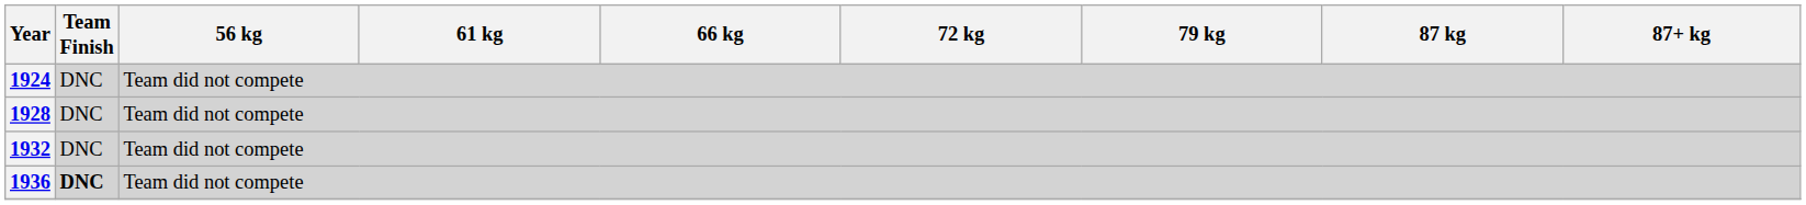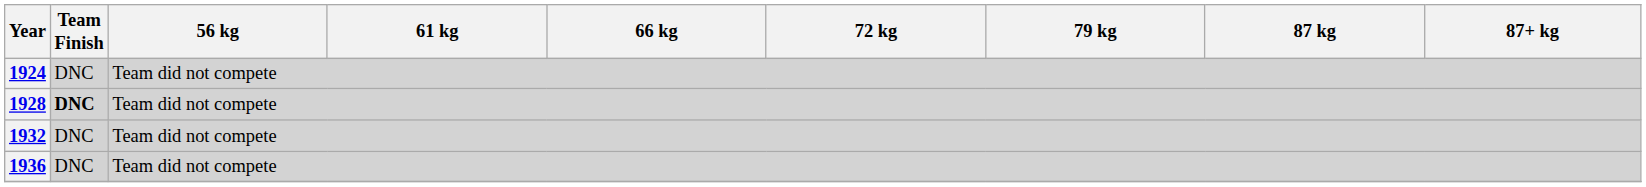 <table class="wikitable" style="font-size:88%">
 <tr>
 <th>Year</th>
 <th>Team Finish</th>
 <th width=200>56 kg</th>
 <th width=200>61 kg</th>
 <th width=200>66 kg</th>
 <th width=200>72 kg</th>
 <th width=200>79 kg</th>
 <th width=200>87 kg</th>
 <th width=200>87+ kg</th>
 </tr>
 <tr style="background:lightgray">
 <th><a href='#'>1924</a></th>
 <td>DNC</td>
 <td colspan=7>Team did not compete</td>
 </tr>
 <tr style="background:lightgray">
 <th><a href='#'>1928</a></th>
-<td>DNC</td>
+<td><strong>DNC</strong></td>
 <td colspan=7>Team did not compete</td>
 </tr>
 <tr style="background:lightgray">
 <th><a href='#'>1932</a></th>
 <td>DNC</td>
 <td colspan=7>Team did not compete</td>
 </tr>
 <tr style="background:lightgray">
 <th><a href='#'>1936</a></th>
-<td><strong>DNC</strong></td>
+<td>DNC</td>
 <td colspan=7>Team did not compete</td>
 </tr>
 <tr>
 </tr>
 </table>
